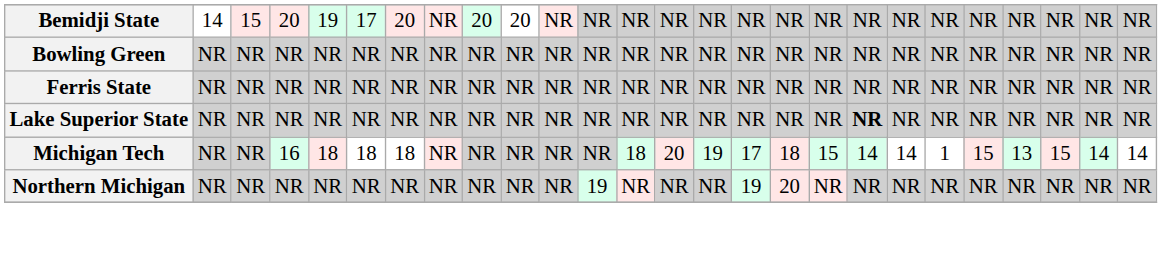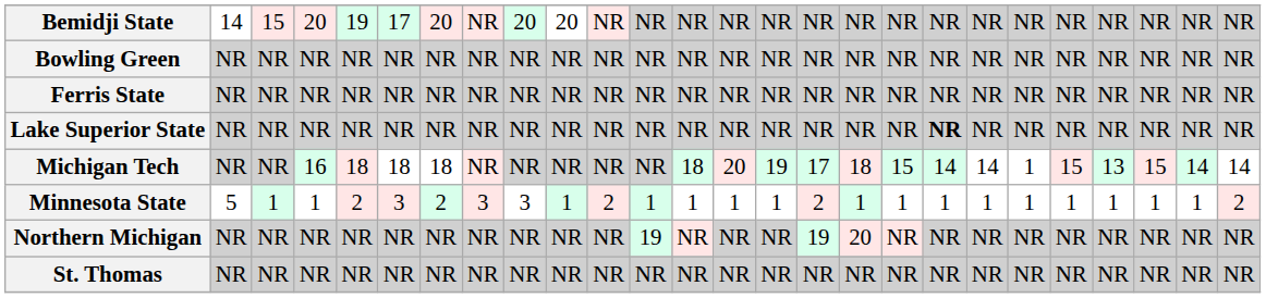 <table class="wikitable sortable" style="text-align: center;">
 <tr>
 </tr>
 <tr bgcolor=d0d0d0>
 <th>Bemidji State</th>
 <td bgcolor=FFFFFF>14</td>
 <td bgcolor=FFE6E6>15</td>
 <td bgcolor=FFE6E6>20</td>
 <td bgcolor=D8FFEB>19</td>
 <td bgcolor=D8FFEB>17</td>
 <td bgcolor=FFE6E6>20</td>
 <td bgcolor=FFE6E6>NR</td>
 <td bgcolor=D8FFEB>20</td>
 <td bgcolor=FFFFFF>20</td>
 <td bgcolor=FFE6E6>NR</td>
 <td>NR</td>
 <td>NR</td>
 <td>NR</td>
 <td>NR</td>
 <td>NR</td>
 <td>NR</td>
 <td>NR</td>
 <td>NR</td>
 <td>NR</td>
 <td>NR</td>
 <td>NR</td>
 <td>NR</td>
 <td>NR</td>
 <td>NR</td>
 <td>NR</td>
 </tr>
 <tr bgcolor=d0d0d0>
 <th>Bowling Green</th>
 <td>NR</td>
 <td>NR</td>
 <td>NR</td>
 <td>NR</td>
 <td>NR</td>
 <td>NR</td>
 <td>NR</td>
 <td>NR</td>
 <td>NR</td>
 <td>NR</td>
 <td>NR</td>
 <td>NR</td>
 <td>NR</td>
 <td>NR</td>
 <td>NR</td>
 <td>NR</td>
 <td>NR</td>
 <td>NR</td>
 <td>NR</td>
 <td>NR</td>
 <td>NR</td>
 <td>NR</td>
 <td>NR</td>
 <td>NR</td>
 <td>NR</td>
 </tr>
 <tr bgcolor=d0d0d0>
 <th>Ferris State</th>
 <td>NR</td>
 <td>NR</td>
 <td>NR</td>
 <td>NR</td>
 <td>NR</td>
 <td>NR</td>
 <td>NR</td>
 <td>NR</td>
 <td>NR</td>
 <td>NR</td>
 <td>NR</td>
 <td>NR</td>
 <td>NR</td>
 <td>NR</td>
 <td>NR</td>
 <td>NR</td>
 <td>NR</td>
 <td>NR</td>
 <td>NR</td>
 <td>NR</td>
 <td>NR</td>
 <td>NR</td>
 <td>NR</td>
 <td>NR</td>
 <td>NR</td>
 </tr>
 <tr bgcolor=d0d0d0>
 <th>Lake Superior State</th>
 <td>NR</td>
 <td>NR</td>
 <td>NR</td>
 <td>NR</td>
 <td>NR</td>
 <td>NR</td>
 <td>NR</td>
 <td>NR</td>
 <td>NR</td>
 <td>NR</td>
 <td>NR</td>
 <td>NR</td>
 <td>NR</td>
 <td>NR</td>
 <td>NR</td>
 <td>NR</td>
 <td>NR</td>
 <td><strong>NR</strong></td>
 <td>NR</td>
 <td>NR</td>
 <td>NR</td>
 <td>NR</td>
 <td>NR</td>
 <td>NR</td>
 <td>NR</td>
 </tr>
 <tr bgcolor=d0d0d0>
 <th>Michigan Tech</th>
 <td>NR</td>
 <td>NR</td>
 <td bgcolor=D8FFEB>16</td>
 <td bgcolor=FFE6E6>18</td>
 <td bgcolor=FFFFFF>18</td>
 <td bgcolor=FFFFFF>18</td>
 <td bgcolor=FFE6E6>NR</td>
 <td>NR</td>
 <td>NR</td>
 <td>NR</td>
 <td>NR</td>
 <td bgcolor=D8FFEB>18</td>
 <td bgcolor=FFE6E6>20</td>
 <td bgcolor=D8FFEB>19</td>
 <td bgcolor=D8FFEB>17</td>
 <td bgcolor=FFE6E6>18</td>
 <td bgcolor=D8FFEB>15</td>
 <td bgcolor=D8FFEB>14</td>
 <td bgcolor=FFFFFF>14</td>
 <td bgcolor=FFFFFF>1</td>
 <td bgcolor=FFE6E6>15</td>
 <td bgcolor=D8FFEB>13</td>
 <td bgcolor=FFE6E6>15</td>
 <td bgcolor=D8FFEB>14</td>
 <td bgcolor=FFFFFF>14</td>
 </tr>
 <tr bgcolor=d0d0d0>
+<th>Minnesota State</th>
+<td bgcolor=FFFFFF>5</td>
+<td bgcolor=D8FFEB>1</td>
+<td bgcolor=FFFFFF>1</td>
+<td bgcolor=FFE6E6>2</td>
+<td bgcolor=FFE6E6>3</td>
+<td bgcolor=D8FFEB>2</td>
+<td bgcolor=FFE6E6>3</td>
+<td bgcolor=FFFFFF>3</td>
+<td bgcolor=D8FFEB>1</td>
+<td bgcolor=FFE6E6>2</td>
+<td bgcolor=D8FFEB>1</td>
+<td bgcolor=FFFFFF>1</td>
+<td bgcolor=FFFFFF>1</td>
+<td bgcolor=FFFFFF>1</td>
+<td bgcolor=FFE6E6>2</td>
+<td bgcolor=D8FFEB>1</td>
+<td bgcolor=FFFFFF>1</td>
+<td bgcolor=FFFFFF>1</td>
+<td bgcolor=FFFFFF>1</td>
+<td bgcolor=FFFFFF>1</td>
+<td bgcolor=FFFFFF>1</td>
+<td bgcolor=FFFFFF>1</td>
+<td bgcolor=FFFFFF>1</td>
+<td bgcolor=FFFFFF>1</td>
+<td bgcolor=FFE6E6>2</td>
+</tr>
+<tr bgcolor=d0d0d0>
 <th>Northern Michigan</th>
 <td>NR</td>
 <td>NR</td>
 <td>NR</td>
 <td>NR</td>
 <td>NR</td>
 <td>NR</td>
 <td>NR</td>
 <td>NR</td>
 <td>NR</td>
 <td>NR</td>
 <td bgcolor=D8FFEB>19</td>
 <td bgcolor=FFE6E6>NR</td>
 <td>NR</td>
 <td>NR</td>
 <td bgcolor=D8FFEB>19</td>
 <td bgcolor=FFE6E6>20</td>
 <td bgcolor=FFE6E6>NR</td>
 <td>NR</td>
 <td>NR</td>
 <td>NR</td>
 <td>NR</td>
 <td>NR</td>
 <td>NR</td>
 <td>NR</td>
 <td>NR</td>
 </tr>
+<tr bgcolor=d0d0d0>
+<th>St. Thomas</th>
+<td>NR</td>
+<td>NR</td>
+<td>NR</td>
+<td>NR</td>
+<td>NR</td>
+<td>NR</td>
+<td>NR</td>
+<td>NR</td>
+<td>NR</td>
+<td>NR</td>
+<td>NR</td>
+<td>NR</td>
+<td>NR</td>
+<td>NR</td>
+<td>NR</td>
+<td>NR</td>
+<td>NR</td>
+<td>NR</td>
+<td>NR</td>
+<td>NR</td>
+<td>NR</td>
+<td>NR</td>
+<td>NR</td>
+<td>NR</td>
+<td>NR</td>
+</tr>
 <tr>
 </tr>
 </table>
